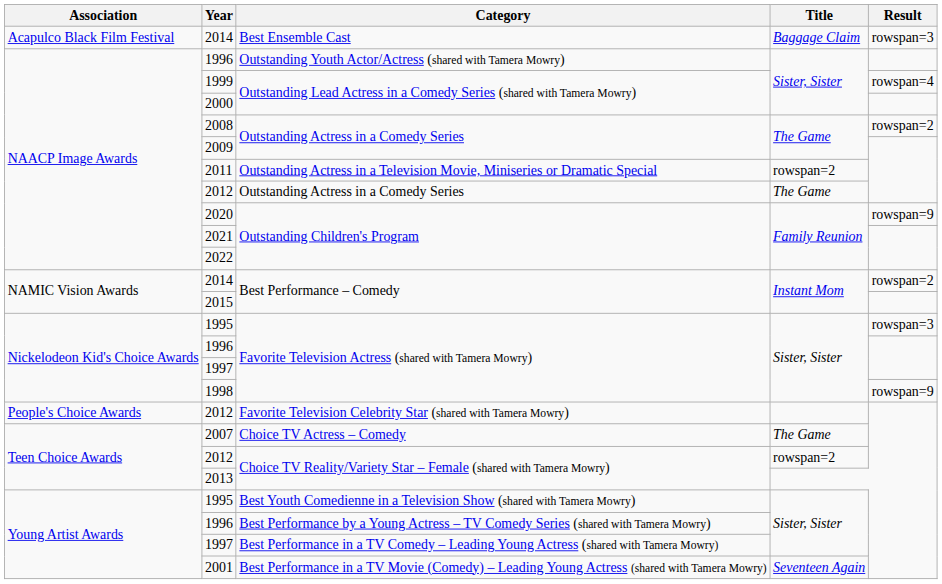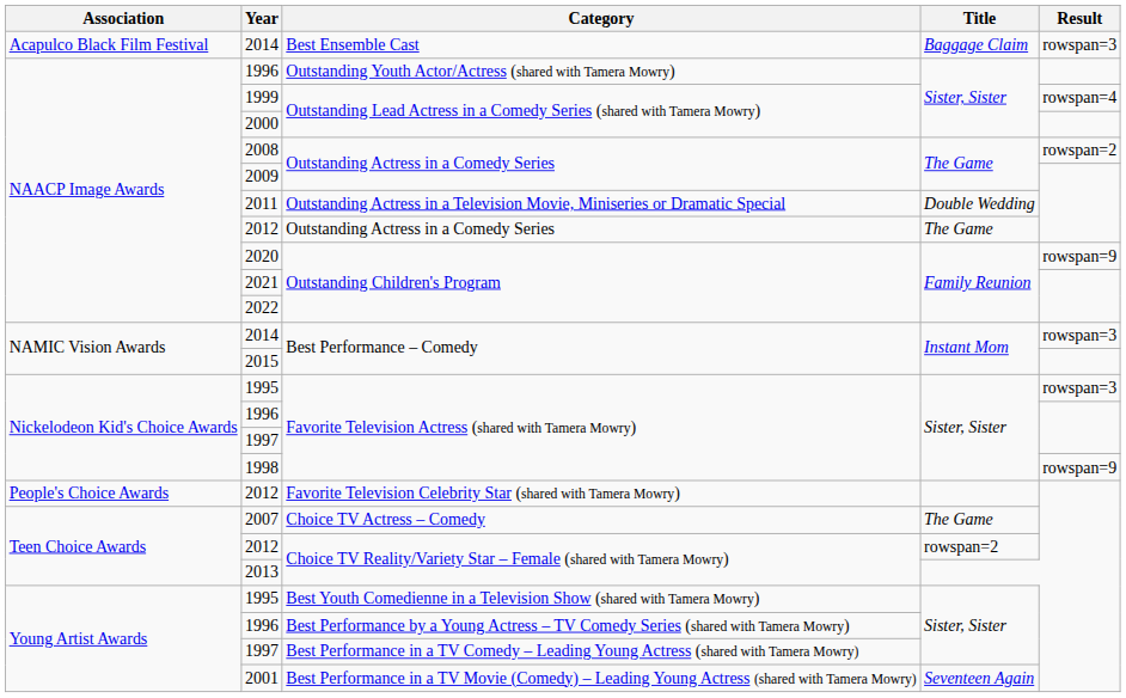 <table class="wikitable sortable">
 <tr>
 <th>Association</th>
 <th>Year</th>
 <th>Category</th>
 <th>Title</th>
 <th>Result</th>
 </tr>
 <tr>
 <td><a href='#'>Acapulco Black Film Festival</a></td>
 <td>2014</td>
 <td><a href='#'>Best Ensemble Cast</a></td>
 <td><em><a href='#'>Baggage Claim</a></em></td>
 <td>rowspan=3 </td>
 </tr>
 <tr>
 <td rowspan=10><a href='#'>NAACP Image Awards</a></td>
 <td>1996</td>
 <td><a href='#'>Outstanding Youth Actor/Actress</a> (<small>shared with Tamera Mowry</small>)</td>
 <td rowspan=3><em><a href='#'>Sister, Sister</a></em></td>
 </tr>
 <tr>
 <td>1999</td>
 <td rowspan=2><a href='#'>Outstanding Lead Actress in a Comedy Series</a> (<small>shared with Tamera Mowry</small>)</td>
 <td>rowspan=4 </td>
 </tr>
 <tr>
 <td>2000</td>
 </tr>
 <tr>
 <td>2008</td>
 <td rowspan=2><a href='#'>Outstanding Actress in a Comedy Series</a></td>
 <td rowspan=2><em><a href='#'>The Game</a></em></td>
 <td>rowspan=2 </td>
 </tr>
 <tr>
 <td>2009</td>
 </tr>
 <tr>
 <td>2011</td>
 <td><a href='#'>Outstanding Actress in a Television Movie, Miniseries or Dramatic Special</a></td>
-<td>rowspan=2 </td>
+<td><em>Double Wedding</em></td>
 </tr>
 <tr>
 <td>2012</td>
 <td>Outstanding Actress in a Comedy Series</td>
 <td><em>The Game</em></td>
 </tr>
 <tr>
 <td>2020</td>
 <td rowspan=3><a href='#'>Outstanding Children's Program</a></td>
 <td rowspan=3><em><a href='#'>Family Reunion</a></em></td>
 <td>rowspan=9 </td>
 </tr>
 <tr>
 <td>2021</td>
 </tr>
 <tr>
 <td>2022</td>
 </tr>
 <tr>
 <td rowspan=2>NAMIC Vision Awards</td>
 <td>2014</td>
 <td rowspan=2>Best Performance – Comedy</td>
 <td rowspan=2><em><a href='#'>Instant Mom</a></em></td>
-<td>rowspan=2 </td>
+<td>rowspan=3 </td>
 </tr>
 <tr>
 <td>2015</td>
 </tr>
 <tr>
 <td rowspan=4><a href='#'>Nickelodeon Kid's Choice Awards</a></td>
 <td>1995</td>
 <td rowspan=4><a href='#'>Favorite Television Actress</a> (<small>shared with Tamera Mowry</small>)</td>
 <td rowspan=4><em>Sister, Sister</em></td>
 <td>rowspan=3 </td>
 </tr>
 <tr>
 <td>1996</td>
 </tr>
 <tr>
 <td>1997</td>
 </tr>
 <tr>
 <td>1998</td>
 <td>rowspan=9 </td>
 </tr>
 <tr>
 <td><a href='#'>People's Choice Awards</a></td>
 <td>2012</td>
 <td><a href='#'>Favorite Television Celebrity Star</a> (<small>shared with Tamera Mowry</small>)</td>
 <td></td>
 </tr>
 <tr>
 <td rowspan=3><a href='#'>Teen Choice Awards</a></td>
 <td>2007</td>
 <td><a href='#'>Choice TV Actress – Comedy</a></td>
 <td><em>The Game</em></td>
 </tr>
 <tr>
 <td>2012</td>
 <td rowspan=2><a href='#'>Choice TV Reality/Variety Star – Female</a> (<small>shared with Tamera Mowry</small>)</td>
 <td>rowspan=2 </td>
 </tr>
 <tr>
 <td>2013</td>
 </tr>
 <tr>
 <td rowspan=4><a href='#'>Young Artist Awards</a></td>
 <td>1995</td>
 <td><a href='#'>Best Youth Comedienne in a Television Show</a> (<small>shared with Tamera Mowry</small>)</td>
 <td rowspan=3><em>Sister, Sister</em></td>
 </tr>
 <tr>
 <td>1996</td>
 <td><a href='#'>Best Performance by a Young Actress – TV Comedy Series</a> (<small>shared with Tamera Mowry</small>)</td>
 </tr>
 <tr>
 <td>1997</td>
 <td><a href='#'>Best Performance in a TV Comedy – Leading Young Actress</a> (<small>shared with Tamera Mowry)</small></td>
 </tr>
 <tr>
 <td>2001</td>
 <td><a href='#'>Best Performance in a TV Movie (Comedy) – Leading Young Actress</a> <small>(shared with Tamera Mowry)</small></td>
 <td><em><a href='#'>Seventeen Again</a></em></td>
 </tr>
 </table>
